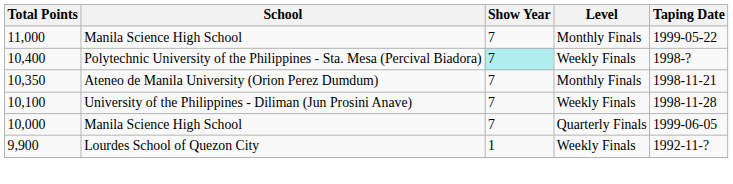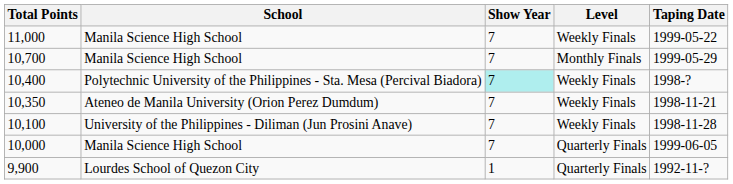 <table class="wikitable" style="text-align:left">
 <tr>
 <th>Total Points</th>
 <th>School</th>
 <th>Show Year</th>
 <th>Level</th>
 <th>Taping Date</th>
 </tr>
 <tr>
 <td>11,000</td>
 <td>Manila Science High School</td>
 <td>7</td>
+<td>Weekly Finals</td>
+<td>1999-05-22</td>
+</tr>
+<tr>
+<td>10,700</td>
+<td>Manila Science High School</td>
+<td>7</td>
 <td>Monthly Finals</td>
-<td>1999-05-22</td>
+<td>1999-05-29</td>
 </tr>
 <tr>
 <td>10,400</td>
 <td>Polytechnic University of the Philippines - Sta. Mesa (Percival Biadora)</td>
 <td style="background: paleturquoise;">7</td>
 <td>Weekly Finals</td>
 <td>1998-?</td>
 </tr>
 <tr>
 <td>10,350</td>
 <td>Ateneo de Manila University (Orion Perez Dumdum)</td>
 <td>7</td>
-<td>Monthly Finals</td>
+<td>Weekly Finals</td>
 <td>1998-11-21</td>
 </tr>
 <tr>
 <td>10,100</td>
 <td>University of the Philippines - Diliman (Jun Prosini Anave)</td>
 <td>7</td>
 <td>Weekly Finals</td>
 <td>1998-11-28</td>
 </tr>
 <tr>
 <td>10,000</td>
 <td>Manila Science High School</td>
 <td>7</td>
 <td>Quarterly Finals</td>
 <td>1999-06-05</td>
 </tr>
 <tr>
 <td>9,900</td>
 <td>Lourdes School of Quezon City</td>
 <td>1</td>
-<td>Weekly Finals</td>
+<td>Quarterly Finals</td>
 <td>1992-11-?</td>
 </tr>
 </table>
